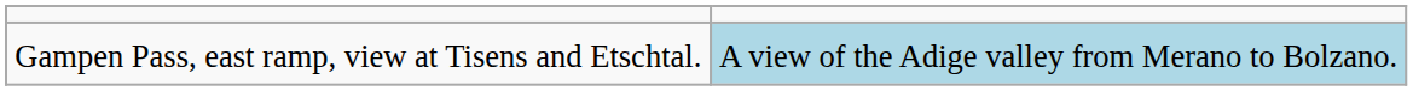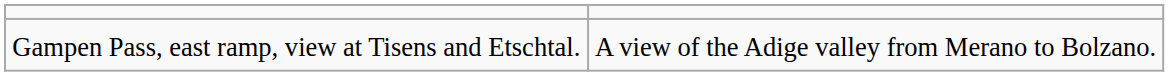 <table class="wikitable">
 <tr>
 <td></td>
 <td></td>
 </tr>
 <tr>
 <td><small>Gampen Pass, east ramp, view at Tisens and Etschtal.</small></td>
-<td style="background: lightblue;"><small>A view of the Adige valley from Merano to Bolzano.</small></td>
+<td><small>A view of the Adige valley from Merano to Bolzano.</small></td>
 </tr>
 </table>
